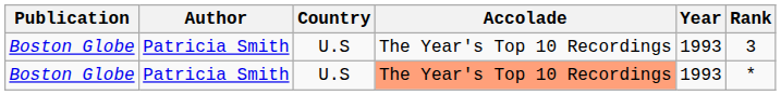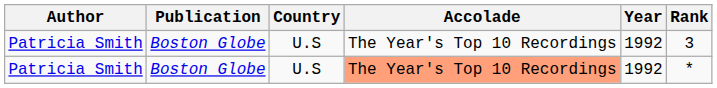 <table class="wikitable">
 <tr>
+<th>Author</th>
 <th>Publication</th>
-<th>Author</th>
 <th>Country</th>
 <th>Accolade</th>
 <th>Year</th>
 <th>Rank</th>
 </tr>
 <tr>
+<td><a href='#'>Patricia Smith</a></td>
 <td><em><a href='#'>Boston Globe</a></em></td>
-<td><a href='#'>Patricia Smith</a></td>
 <td align="center">U.S</td>
 <td>The Year's Top 10 Recordings</td>
-<td>1993</td>
+<td>1992</td>
 <td align="center">3</td>
 </tr>
 <tr>
+<td><a href='#'>Patricia Smith</a></td>
 <td><em><a href='#'>Boston Globe</a></em></td>
-<td><a href='#'>Patricia Smith</a></td>
 <td align="center">U.S</td>
 <td style="background: lightsalmon;">The Year's Top 10 Recordings</td>
-<td>1993</td>
+<td>1992</td>
 <td align="center">*</td>
 </tr>
 </table>
